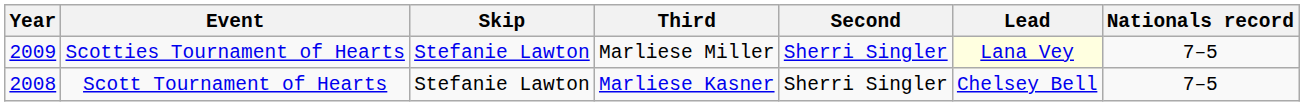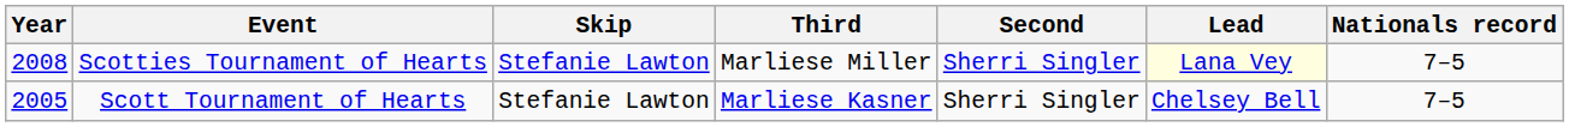 <table class="wikitable">
 <tr>
 <th scope="col">Year</th>
 <th scope="col">Event</th>
 <th scope="col">Skip</th>
 <th scope="col">Third</th>
 <th scope="col">Second</th>
 <th scope="col">Lead</th>
 <th scope="col">Nationals record</th>
 </tr>
 <tr style="text-align:center;">
-<td><a href='#'>2009</a></td>
+<td><a href='#'>2008</a></td>
 <td><a href='#'>Scotties Tournament of Hearts</a></td>
 <td><a href='#'>Stefanie Lawton</a></td>
 <td>Marliese Miller</td>
 <td><a href='#'>Sherri Singler</a></td>
 <td style="background: lightyellow;"><a href='#'>Lana Vey</a></td>
 <td>7–5</td>
 </tr>
 <tr style="text-align:center;">
-<td><a href='#'>2008</a></td>
+<td><a href='#'>2005</a></td>
 <td><a href='#'>Scott Tournament of Hearts</a></td>
 <td>Stefanie Lawton</td>
 <td><a href='#'>Marliese Kasner</a></td>
 <td>Sherri Singler</td>
 <td><a href='#'>Chelsey Bell</a></td>
 <td>7–5</td>
 </tr>
 </table>
